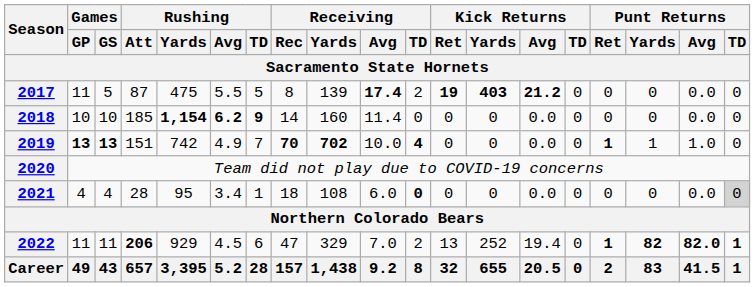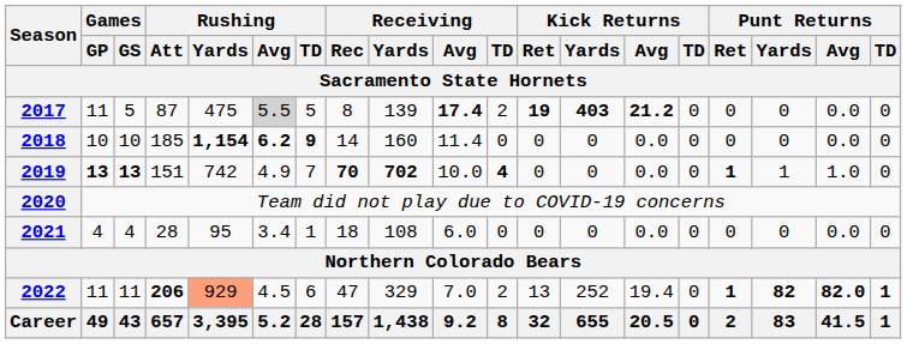 <table class="wikitable" style="text-align:center;">
 <tr>
 <th rowspan="2">Season</th>
 <th colspan="2">Games</th>
 <th colspan="4">Rushing</th>
 <th colspan="4">Receiving</th>
 <th colspan="4">Kick Returns</th>
 <th colspan="4">Punt Returns</th>
 </tr>
 <tr>
 <th>GP</th>
 <th>GS</th>
 <th>Att</th>
 <th>Yards</th>
 <th>Avg</th>
 <th>TD</th>
 <th>Rec</th>
 <th>Yards</th>
 <th>Avg</th>
 <th>TD</th>
 <th>Ret</th>
 <th>Yards</th>
 <th>Avg</th>
 <th>TD</th>
 <th>Ret</th>
 <th>Yards</th>
 <th>Avg</th>
 <th>TD</th>
 </tr>
 <tr>
 <th colspan="19">Sacramento State Hornets</th>
 </tr>
 <tr>
 <th><a href='#'>2017</a></th>
 <td>11</td>
 <td>5</td>
 <td>87</td>
 <td>475</td>
-<td>5.5</td>
+<td style="background: lightgrey;">5.5</td>
 <td>5</td>
 <td>8</td>
 <td>139</td>
 <td><strong>17.4</strong></td>
 <td>2</td>
 <td><strong>19</strong></td>
 <td><strong>403</strong></td>
 <td><strong>21.2</strong></td>
 <td>0</td>
 <td>0</td>
 <td>0</td>
 <td>0.0</td>
 <td>0</td>
 </tr>
 <tr>
 <th><a href='#'>2018</a></th>
 <td>10</td>
 <td>10</td>
 <td>185</td>
 <td><strong>1,154</strong></td>
 <td><strong>6.2</strong></td>
 <td><strong>9</strong></td>
 <td>14</td>
 <td>160</td>
 <td>11.4</td>
 <td>0</td>
 <td>0</td>
 <td>0</td>
 <td>0.0</td>
 <td>0</td>
 <td>0</td>
 <td>0</td>
 <td>0.0</td>
 <td>0</td>
 </tr>
 <tr>
 <th><a href='#'>2019</a></th>
 <td><strong>13</strong></td>
 <td><strong>13</strong></td>
 <td>151</td>
 <td>742</td>
 <td>4.9</td>
 <td>7</td>
 <td><strong>70</strong></td>
 <td><strong>702</strong></td>
 <td>10.0</td>
 <td><strong>4</strong></td>
 <td>0</td>
 <td>0</td>
 <td>0.0</td>
 <td>0</td>
 <td><strong>1</strong></td>
 <td>1</td>
 <td>1.0</td>
 <td>0</td>
 </tr>
 <tr>
 <th><a href='#'>2020</a></th>
 <td colspan="18"><em>Team did not play due to COVID-19 concerns</em></td>
 </tr>
 <tr>
 <th><a href='#'>2021</a></th>
 <td>4</td>
 <td>4</td>
 <td>28</td>
 <td>95</td>
 <td>3.4</td>
 <td>1</td>
 <td>18</td>
 <td>108</td>
 <td>6.0</td>
-<td><strong>0</strong></td>
+<td>0</td>
 <td>0</td>
 <td>0</td>
 <td>0.0</td>
 <td>0</td>
 <td>0</td>
 <td>0</td>
 <td>0.0</td>
-<td style="background: lightgrey;">0</td>
+<td>0</td>
 </tr>
 <tr>
 <th colspan="19">Northern Colorado Bears</th>
 </tr>
 <tr>
 <th><a href='#'>2022</a></th>
 <td>11</td>
 <td>11</td>
 <td><strong>206</strong></td>
-<td>929</td>
+<td style="background: lightsalmon;">929</td>
 <td>4.5</td>
 <td>6</td>
 <td>47</td>
 <td>329</td>
 <td>7.0</td>
 <td>2</td>
 <td>13</td>
 <td>252</td>
 <td>19.4</td>
 <td>0</td>
 <td><strong>1</strong></td>
 <td><strong>82</strong></td>
 <td><strong>82.0</strong></td>
 <td><strong>1</strong></td>
 </tr>
 <tr>
 <th>Career</th>
 <th>49</th>
 <th>43</th>
 <th>657</th>
 <th>3,395</th>
 <th>5.2</th>
 <th>28</th>
 <th>157</th>
 <th>1,438</th>
 <th>9.2</th>
 <th>8</th>
 <th>32</th>
 <th>655</th>
 <th>20.5</th>
 <th>0</th>
 <th>2</th>
 <th>83</th>
 <th>41.5</th>
 <th>1</th>
 </tr>
 </table>
